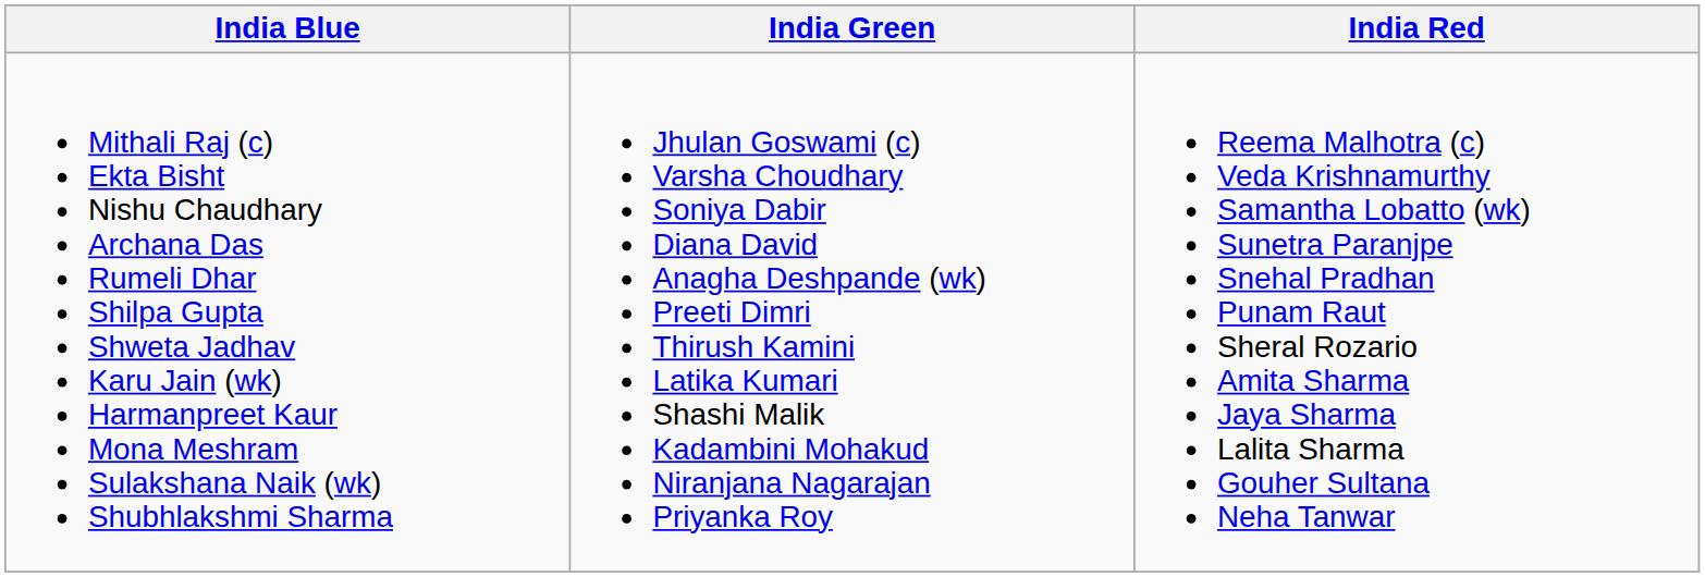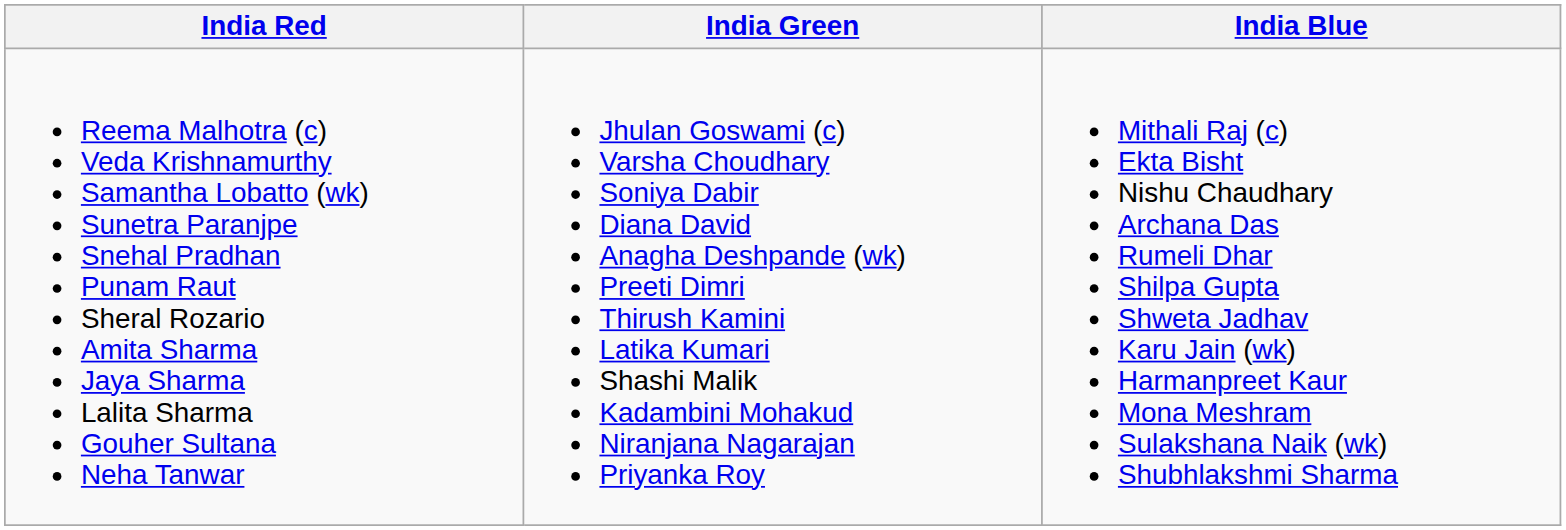 <table class="wikitable">
 <tr>
+<th style="width:25%;"><a href='#'>India Red</a></th>
+<th style="width:25%;"><a href='#'>India Green</a></th>
 <th style="width:25%;"><a href='#'>India Blue</a></th>
-<th style="width:25%;"><a href='#'>India Green</a></th>
-<th style="width:25%;"><a href='#'>India Red</a></th>
 </tr>
 <tr style="vertical-align:top">
+<td><br><ul><li><a href='#'>Reema Malhotra</a> (<a href='#'>c</a>)</li><li><a href='#'>Veda Krishnamurthy</a></li><li><a href='#'>Samantha Lobatto</a> (<a href='#'>wk</a>)</li><li><a href='#'>Sunetra Paranjpe</a></li><li><a href='#'>Snehal Pradhan</a></li><li><a href='#'>Punam Raut</a></li><li>Sheral Rozario</li><li><a href='#'>Amita Sharma</a></li><li><a href='#'>Jaya Sharma</a></li><li>Lalita Sharma</li><li><a href='#'>Gouher Sultana</a></li><li><a href='#'>Neha Tanwar</a></li></ul></td>
+<td><br><ul><li><a href='#'>Jhulan Goswami</a> (<a href='#'>c</a>)</li><li><a href='#'>Varsha Choudhary</a></li><li><a href='#'>Soniya Dabir</a></li><li><a href='#'>Diana David</a></li><li><a href='#'>Anagha Deshpande</a> (<a href='#'>wk</a>)</li><li><a href='#'>Preeti Dimri</a></li><li><a href='#'>Thirush Kamini</a></li><li><a href='#'>Latika Kumari</a></li><li>Shashi Malik</li><li><a href='#'>Kadambini Mohakud</a></li><li><a href='#'>Niranjana Nagarajan</a></li><li><a href='#'>Priyanka Roy</a></li></ul></td>
 <td><br><ul><li><a href='#'>Mithali Raj</a> (<a href='#'>c</a>)</li><li><a href='#'>Ekta Bisht</a></li><li>Nishu Chaudhary</li><li><a href='#'>Archana Das</a></li><li><a href='#'>Rumeli Dhar</a></li><li><a href='#'>Shilpa Gupta</a></li><li><a href='#'>Shweta Jadhav</a></li><li><a href='#'>Karu Jain</a> (<a href='#'>wk</a>)</li><li><a href='#'>Harmanpreet Kaur</a></li><li><a href='#'>Mona Meshram</a></li><li><a href='#'>Sulakshana Naik</a> (<a href='#'>wk</a>)</li><li><a href='#'>Shubhlakshmi Sharma</a></li></ul></td>
-<td><br><ul><li><a href='#'>Jhulan Goswami</a> (<a href='#'>c</a>)</li><li><a href='#'>Varsha Choudhary</a></li><li><a href='#'>Soniya Dabir</a></li><li><a href='#'>Diana David</a></li><li><a href='#'>Anagha Deshpande</a> (<a href='#'>wk</a>)</li><li><a href='#'>Preeti Dimri</a></li><li><a href='#'>Thirush Kamini</a></li><li><a href='#'>Latika Kumari</a></li><li>Shashi Malik</li><li><a href='#'>Kadambini Mohakud</a></li><li><a href='#'>Niranjana Nagarajan</a></li><li><a href='#'>Priyanka Roy</a></li></ul></td>
-<td><br><ul><li><a href='#'>Reema Malhotra</a> (<a href='#'>c</a>)</li><li><a href='#'>Veda Krishnamurthy</a></li><li><a href='#'>Samantha Lobatto</a> (<a href='#'>wk</a>)</li><li><a href='#'>Sunetra Paranjpe</a></li><li><a href='#'>Snehal Pradhan</a></li><li><a href='#'>Punam Raut</a></li><li>Sheral Rozario</li><li><a href='#'>Amita Sharma</a></li><li><a href='#'>Jaya Sharma</a></li><li>Lalita Sharma</li><li><a href='#'>Gouher Sultana</a></li><li><a href='#'>Neha Tanwar</a></li></ul></td>
 </tr>
 </table>
